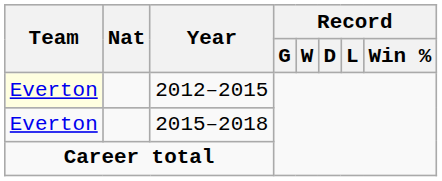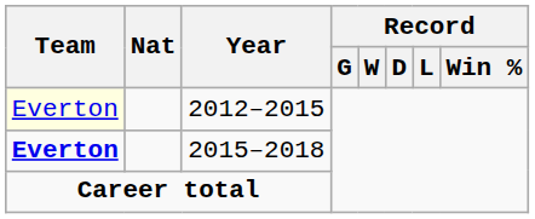 <table class="wikitable" style="text-align: center">
 <tr>
 <th rowspan="2">Team</th>
 <th rowspan="2">Nat</th>
 <th rowspan="2">Year</th>
 <th colspan="5">Record</th>
 </tr>
 <tr>
 <th>G</th>
 <th>W</th>
 <th>D</th>
 <th>L</th>
 <th>Win %</th>
 </tr>
 <tr>
 <td align="left" style="background: lightyellow;"><a href='#'>Everton</a></td>
 <td></td>
 <td>2012–2015<br></td>
 </tr>
 <tr>
-<td align="left"><a href='#'>Everton</a></td>
+<td align="left"><strong><a href='#'>Everton</a></strong></td>
 <td></td>
 <td>2015–2018<br></td>
 </tr>
 <tr>
 <td colspan=3><strong>Career total</strong><br></td>
 </tr>
 </table>
